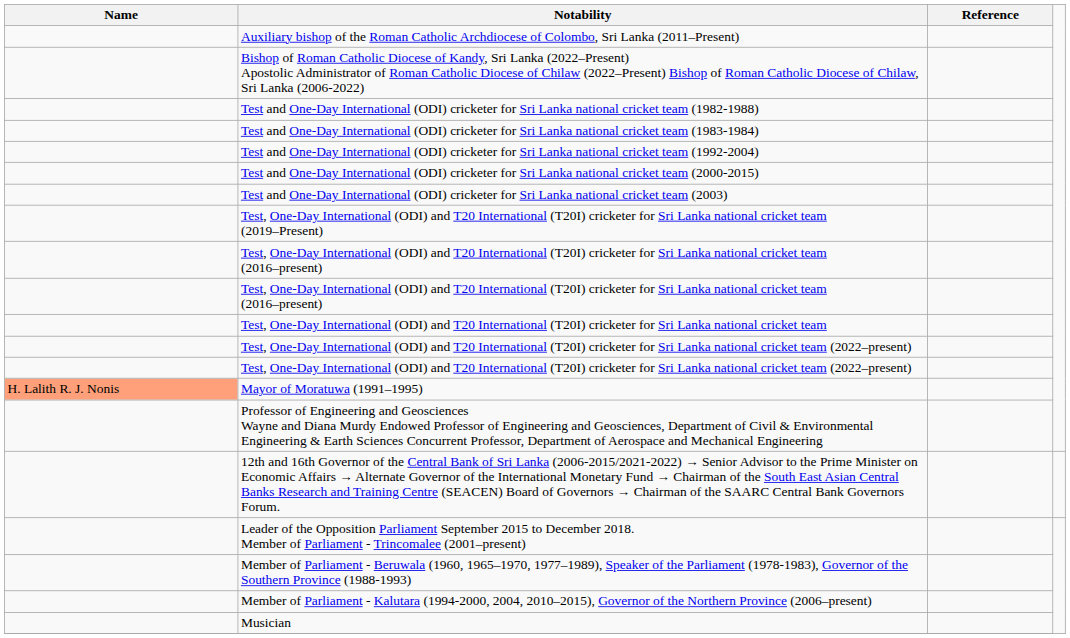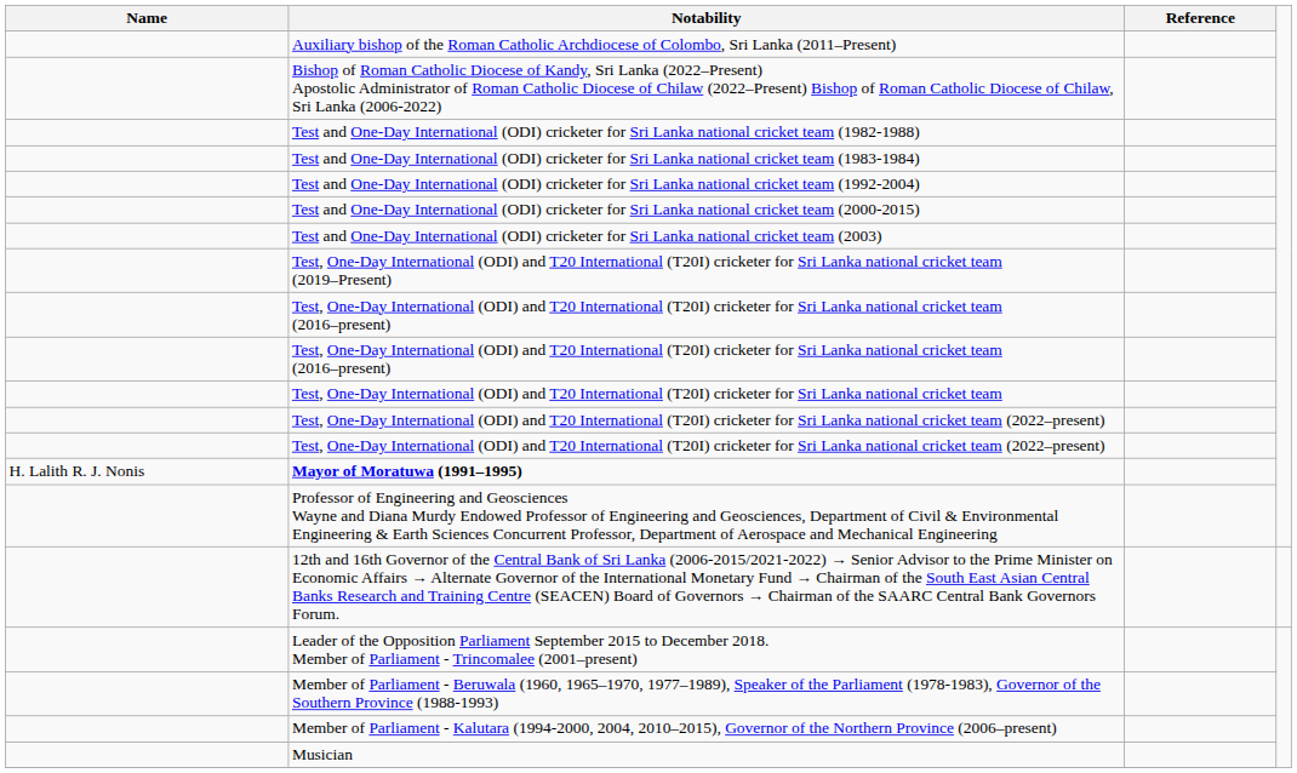 <table class="wikitable sortable" style="width:100%">
 <tr>
 <th style="width:*;">Name</th>
 <th style="width:65%;" class="unsortable">Notability</th>
 <th style="width:*;" class="unsortable">Reference</th>
 </tr>
 <tr>
 <td></td>
 <td><a href='#'>Auxiliary bishop</a> of the <a href='#'>Roman Catholic Archdiocese of Colombo</a>, Sri Lanka (2011–Present)</td>
 <td style="text-align:center;"></td>
 </tr>
 <tr>
 <td></td>
 <td><a href='#'>Bishop</a> of <a href='#'>Roman Catholic Diocese of Kandy</a>, Sri Lanka (2022–Present)<br>Apostolic Administrator of <a href='#'>Roman Catholic Diocese of Chilaw</a> (2022–Present) <a href='#'>Bishop</a> of <a href='#'>Roman Catholic Diocese of Chilaw</a>, Sri Lanka (2006-2022)</td>
 <td style="text-align:center;"></td>
 </tr>
 <tr>
 <td></td>
 <td><a href='#'>Test</a> and <a href='#'>One-Day International</a> (ODI) cricketer for <a href='#'>Sri Lanka national cricket team</a> (1982-1988)</td>
 <td style="text-align:center;"></td>
 </tr>
 <tr>
 <td></td>
 <td><a href='#'>Test</a> and <a href='#'>One-Day International</a> (ODI) cricketer for <a href='#'>Sri Lanka national cricket team</a> (1983-1984)</td>
 <td style="text-align:center;"></td>
 </tr>
 <tr>
 <td></td>
 <td><a href='#'>Test</a> and <a href='#'>One-Day International</a> (ODI) cricketer for <a href='#'>Sri Lanka national cricket team</a> (1992-2004)</td>
 <td style="text-align:center;"></td>
 </tr>
 <tr>
 <td></td>
 <td><a href='#'>Test</a> and <a href='#'>One-Day International</a> (ODI) cricketer for <a href='#'>Sri Lanka national cricket team</a> (2000-2015)</td>
 <td style="text-align:center;"></td>
 </tr>
 <tr>
 <td></td>
 <td><a href='#'>Test</a> and <a href='#'>One-Day International</a> (ODI) cricketer for <a href='#'>Sri Lanka national cricket team</a> (2003)</td>
 <td style="text-align:center;"></td>
 </tr>
 <tr>
 <td></td>
 <td><a href='#'>Test</a>, <a href='#'>One-Day International</a> (ODI) and <a href='#'>T20 International</a> (T20I) cricketer for <a href='#'>Sri Lanka national cricket team</a><br>(2019–Present)</td>
 <td style="text-align:center;"></td>
 </tr>
 <tr>
 <td></td>
 <td><a href='#'>Test</a>, <a href='#'>One-Day International</a> (ODI) and <a href='#'>T20 International</a> (T20I) cricketer for <a href='#'>Sri Lanka national cricket team</a><br>(2016–present)</td>
 <td style="text-align:center;"></td>
 </tr>
 <tr>
 <td></td>
 <td><a href='#'>Test</a>, <a href='#'>One-Day International</a> (ODI) and <a href='#'>T20 International</a> (T20I) cricketer for <a href='#'>Sri Lanka national cricket team</a><br>(2016–present)</td>
 <td style="text-align:center;"></td>
 </tr>
 <tr>
 <td></td>
 <td><a href='#'>Test</a>, <a href='#'>One-Day International</a> (ODI) and <a href='#'>T20 International</a> (T20I) cricketer for <a href='#'>Sri Lanka national cricket team</a></td>
 <td style="text-align:center;"></td>
 </tr>
 <tr>
 <td></td>
 <td><a href='#'>Test</a>, <a href='#'>One-Day International</a> (ODI) and <a href='#'>T20 International</a> (T20I) cricketer for <a href='#'>Sri Lanka national cricket team</a> (2022–present)</td>
 <td style="text-align:center;"></td>
 </tr>
 <tr>
 <td></td>
 <td><a href='#'>Test</a>, <a href='#'>One-Day International</a> (ODI) and <a href='#'>T20 International</a> (T20I) cricketer for <a href='#'>Sri Lanka national cricket team</a> (2022–present)</td>
 <td style="text-align:center;"></td>
 </tr>
 <tr>
-<td style="background: lightsalmon;">H. Lalith R. J. Nonis</td>
-<td><a href='#'>Mayor of Moratuwa</a> (1991–1995)</td>
+<td>H. Lalith R. J. Nonis</td>
+<td><strong><a href='#'>Mayor of Moratuwa</a> (1991–1995)</strong></td>
 <td></td>
 </tr>
 <tr>
 <td></td>
 <td>Professor of Engineering and Geosciences<br>Wayne and Diana Murdy Endowed Professor of Engineering and Geosciences, Department of Civil & Environmental Engineering & Earth Sciences Concurrent Professor, Department of Aerospace and Mechanical Engineering</td>
 <td style="text-align:center;"></td>
 </tr>
 <tr>
 <td></td>
 <td>12th and 16th Governor of the <a href='#'>Central Bank of Sri Lanka</a> (2006-2015/2021-2022) → Senior Advisor to the Prime Minister on Economic Affairs → Alternate Governor of the International Monetary Fund → Chairman of the <a href='#'>South East Asian Central Banks Research and Training Centre</a> (SEACEN) Board of Governors → Chairman of the SAARC Central Bank Governors Forum.</td>
 <td></td>
 <td style="text-align:center;"></td>
 </tr>
 <tr>
 <td></td>
 <td>Leader of the Opposition <a href='#'>Parliament</a> September 2015 to December 2018.<br>Member of <a href='#'>Parliament</a> - <a href='#'>Trincomalee</a> (2001–present)</td>
 <td style="text-align:center;"></td>
 </tr>
 <tr>
 <td></td>
 <td>Member of <a href='#'>Parliament</a> - <a href='#'>Beruwala</a> (1960,  1965–1970, 1977–1989), <a href='#'>Speaker of the Parliament</a> (1978-1983), <a href='#'>Governor of the Southern Province</a> (1988-1993)</td>
 <td style="text-align:center;"></td>
 </tr>
 <tr>
 <td></td>
 <td>Member of <a href='#'>Parliament</a> - <a href='#'>Kalutara</a> (1994-2000, 2004, 2010–2015), <a href='#'>Governor of the Northern Province</a> (2006–present)</td>
 <td style="text-align:center;"></td>
 </tr>
 <tr>
 <td></td>
 <td>Musician</td>
 <td style="text-align:center;"></td>
 </tr>
 <tr>
 </tr>
 </table>
